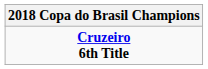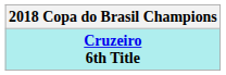 <table class="wikitable" style="text-align: center; margin: 0 auto;">
 <tr>
 <th>2018 Copa do Brasil Champions</th>
 </tr>
 <tr>
-<td><strong><a href='#'>Cruzeiro</a></strong><br><strong>6th Title</strong></td>
+<td style="background: paleturquoise;"><strong><a href='#'>Cruzeiro</a></strong><br><strong>6th Title</strong></td>
 </tr>
 </table>
